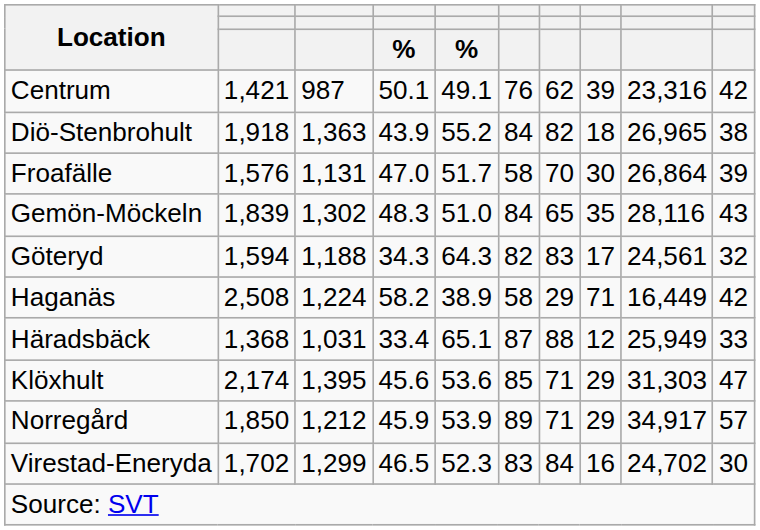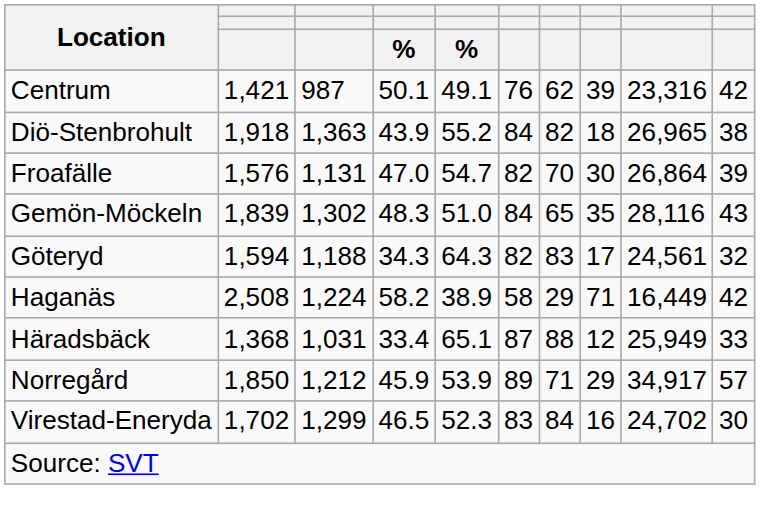 <table role="presentation" class="wikitable sortable mw-collapsible">
 <tr>
 <th rowspan="3">Location</th>
 <th></th>
 <th></th>
 <th></th>
 <th></th>
 <th></th>
 <th></th>
 <th></th>
 <th></th>
 <th></th>
 </tr>
 <tr>
 <th></th>
 <th></th>
 <th style="background:"></th>
 <th style="background:"></th>
 <th></th>
 <th></th>
 <th></th>
 <th></th>
 <th></th>
 </tr>
 <tr>
 <th data-sort-type="number"></th>
 <th data-sort-type="number"></th>
 <th data-sort-type="number">%</th>
 <th data-sort-type="number">%</th>
 <th data-sort-type="number"></th>
 <th data-sort-type="number"></th>
 <th data-sort-type="number"></th>
 <th data-sort-type="number"></th>
 <th data-sort-type="number"></th>
 </tr>
 <tr>
 <td align="left">Centrum</td>
 <td>1,421</td>
 <td>987</td>
 <td>50.1</td>
 <td>49.1</td>
 <td>76</td>
 <td>62</td>
 <td>39</td>
 <td>23,316</td>
 <td>42</td>
 </tr>
 <tr>
 <td align="left">Diö-Stenbrohult</td>
 <td>1,918</td>
 <td>1,363</td>
 <td>43.9</td>
 <td>55.2</td>
 <td>84</td>
 <td>82</td>
 <td>18</td>
 <td>26,965</td>
 <td>38</td>
 </tr>
 <tr>
 <td align="left">Froafälle</td>
 <td>1,576</td>
 <td>1,131</td>
 <td>47.0</td>
-<td>51.7</td>
-<td>58</td>
+<td>54.7</td>
+<td>82</td>
 <td>70</td>
 <td>30</td>
 <td>26,864</td>
 <td>39</td>
 </tr>
 <tr>
 <td align="left">Gemön-Möckeln</td>
 <td>1,839</td>
 <td>1,302</td>
 <td>48.3</td>
 <td>51.0</td>
 <td>84</td>
 <td>65</td>
 <td>35</td>
 <td>28,116</td>
 <td>43</td>
 </tr>
 <tr>
 <td align="left">Göteryd</td>
 <td>1,594</td>
 <td>1,188</td>
 <td>34.3</td>
 <td>64.3</td>
 <td>82</td>
 <td>83</td>
 <td>17</td>
 <td>24,561</td>
 <td>32</td>
 </tr>
 <tr>
 <td align="left">Haganäs</td>
 <td>2,508</td>
 <td>1,224</td>
 <td>58.2</td>
 <td>38.9</td>
 <td>58</td>
 <td>29</td>
 <td>71</td>
 <td>16,449</td>
 <td>42</td>
 </tr>
 <tr>
 <td align="left">Häradsbäck</td>
 <td>1,368</td>
 <td>1,031</td>
 <td>33.4</td>
 <td>65.1</td>
 <td>87</td>
 <td>88</td>
 <td>12</td>
 <td>25,949</td>
 <td>33</td>
 </tr>
 <tr>
-<td align="left">Klöxhult</td>
-<td>2,174</td>
-<td>1,395</td>
-<td>45.6</td>
-<td>53.6</td>
-<td>85</td>
-<td>71</td>
-<td>29</td>
-<td>31,303</td>
-<td>47</td>
-</tr>
-<tr>
 <td align="left">Norregård</td>
 <td>1,850</td>
 <td>1,212</td>
 <td>45.9</td>
 <td>53.9</td>
 <td>89</td>
 <td>71</td>
 <td>29</td>
 <td>34,917</td>
 <td>57</td>
 </tr>
 <tr>
 <td align="left">Virestad-Eneryda</td>
 <td>1,702</td>
 <td>1,299</td>
 <td>46.5</td>
 <td>52.3</td>
 <td>83</td>
 <td>84</td>
 <td>16</td>
 <td>24,702</td>
 <td>30</td>
 </tr>
 <tr>
 <td colspan="10" align="left">Source: <a href='#'>SVT</a></td>
 </tr>
 </table>
